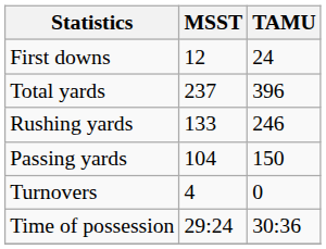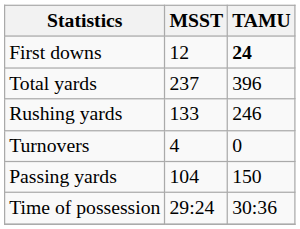 <table class="wikitable" style="float: left;">
 <tr>
 <th>Statistics</th>
 <th>MSST</th>
 <th>TAMU</th>
 </tr>
 <tr>
 <td>First downs</td>
 <td>12</td>
-<td>24</td>
+<td><strong>24</strong></td>
 </tr>
 <tr>
 <td>Total yards</td>
 <td>237</td>
 <td>396</td>
 </tr>
 <tr>
 <td>Rushing yards</td>
 <td>133</td>
 <td>246</td>
 </tr>
 <tr>
+<td>Turnovers</td>
+<td>4</td>
+<td>0</td>
+</tr>
+<tr>
 <td>Passing yards</td>
 <td>104</td>
 <td>150</td>
-</tr>
-<tr>
-<td>Turnovers</td>
-<td>4</td>
-<td>0</td>
 </tr>
 <tr>
 <td>Time of possession</td>
 <td>29:24</td>
 <td>30:36</td>
 </tr>
 <tr>
 </tr>
 </table>
